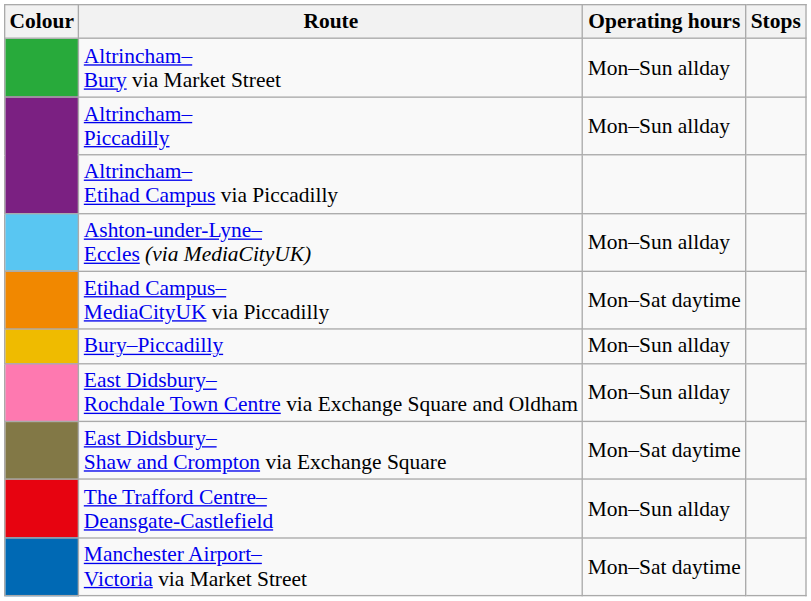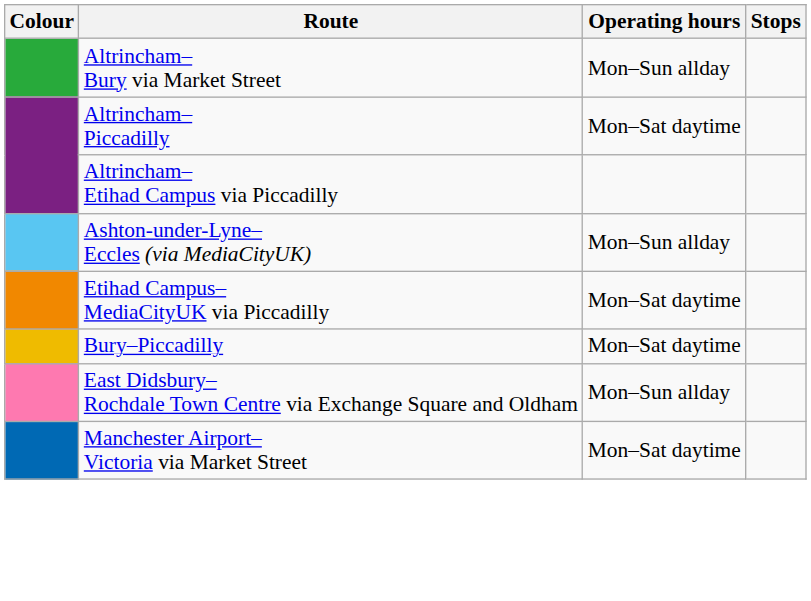 <table class="wikitable sortable">
 <tr>
 <th>Colour</th>
 <th>Route</th>
 <th>Operating hours</th>
 <th>Stops</th>
 </tr>
 <tr>
 <td style="background:#28AA3B; color:black; text-align:center;" ></td>
 <td><a href='#'>Altrincham–</a><br><a href='#'>Bury</a>  via Market Street</td>
 <td>Mon–Sun allday</td>
 <td></td>
 </tr>
 <tr>
 <td rowspan="2" style="background:#7B2082; color:white; text-align:center;"></td>
 <td><a href='#'>Altrincham–</a><br><a href='#'>Piccadilly</a></td>
-<td>Mon–Sun allday</td>
+<td>Mon–Sat daytime</td>
 <td></td>
 </tr>
 <tr>
 <td><a href='#'>Altrincham–</a><br><a href='#'>Etihad Campus</a> via Piccadilly</td>
 <td></td>
 <td></td>
 </tr>
 <tr>
 <td style="background:#59C6F2; color:black; text-align:center;"></td>
 <td><a href='#'>Ashton-under-Lyne–</a><br><a href='#'>Eccles</a> <em>(via</em> <em>MediaCityUK)</em></td>
 <td>Mon–Sun allday</td>
 <td></td>
 </tr>
 <tr>
 <td style="background:#F18800; color:black; text-align:center;"></td>
 <td><a href='#'>Etihad Campus–</a><br><a href='#'>MediaCityUK</a> via Piccadilly</td>
 <td>Mon–Sat daytime</td>
 <td></td>
 </tr>
 <tr>
 <td style="background:#EFBB00; color:black; text-align:center;"></td>
 <td><a href='#'>Bury–Piccadilly</a></td>
-<td>Mon–Sun allday</td>
+<td>Mon–Sat daytime</td>
 <td></td>
 </tr>
 <tr>
 <td style="background:#FE79B0; color:black; text-align:center;"></td>
 <td><a href='#'>East Didsbury–</a><br><a href='#'>Rochdale Town Centre</a> via Exchange Square and Oldham</td>
-<td>Mon–Sun allday</td>
-<td></td>
-</tr>
-<tr>
-<td style="background:#827846; color:white; text-align:center;"></td>
-<td><a href='#'>East Didsbury–</a><br><a href='#'>Shaw and Crompton</a>  via Exchange Square</td>
-<td>Mon–Sat daytime</td>
-<td></td>
-</tr>
-<tr>
-<td style="background:#E70310; color:white; text-align:center;"></td>
-<td><a href='#'>The Trafford Centre–</a><br><a href='#'>Deansgate-Castlefield</a></td>
 <td>Mon–Sun allday</td>
 <td></td>
 </tr>
 <tr>
 <td style="background:#0069B4; color:white; text-align:center;"></td>
 <td><a href='#'>Manchester Airport–</a><br><a href='#'>Victoria</a>  via Market Street</td>
 <td>Mon–Sat daytime</td>
 <td></td>
 </tr>
 </table>
